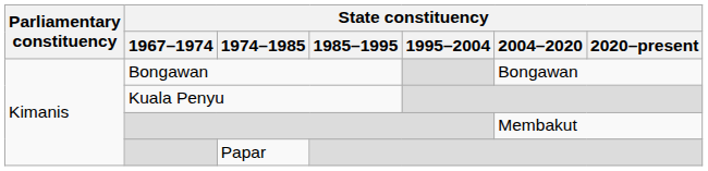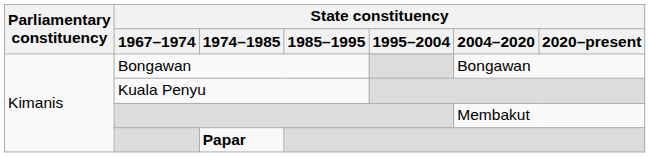 <table class=wikitable>
 <tr>
 <th rowspan=2>Parliamentary<br>constituency</th>
 <th colspan=6>State constituency</th>
 </tr>
 <tr>
 <th>1967–1974</th>
 <th>1974–1985</th>
 <th>1985–1995</th>
 <th>1995–2004</th>
 <th>2004–2020</th>
 <th>2020–present</th>
 </tr>
 <tr>
 <td rowspan=4>Kimanis</td>
 <td colspan=3>Bongawan</td>
 <td bgcolor=dcdcdc></td>
 <td colspan=2>Bongawan</td>
 </tr>
 <tr>
 <td colspan=3>Kuala Penyu</td>
 <td colspan="3" bgcolor="dcdcdc"></td>
 </tr>
 <tr>
 <td colspan=4 bgcolor=dcdcdc></td>
 <td colspan=2>Membakut</td>
 </tr>
 <tr>
 <td bgcolor=dcdcdc></td>
-<td>Papar</td>
+<td><strong>Papar</strong></td>
 <td colspan=4 bgcolor=dcdcdc></td>
 </tr>
 </table>
